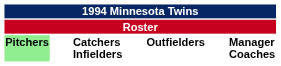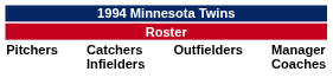 <table class="toccolours" style="font-size: 95%;">
 <tr>
 <th colspan="10" style="background-color: #072764; color: #FFFFFF; text-align: center;">1994 Minnesota Twins</th>
 </tr>
 <tr>
 <td colspan="10" style="background-color: #c6011f; color: white; text-align: center;"><strong>Roster</strong></td>
 </tr>
 <tr>
-<td valign="top" style="background: lightgreen;"><strong>Pitchers</strong><br>               </td>
+<td valign="top"><strong>Pitchers</strong><br>               </td>
 <td width="25px"></td>
 <td valign="top"><strong>Catchers</strong><br>  <strong>Infielders</strong>         </td>
 <td width="25px"></td>
 <td valign="top"><strong>Outfielders</strong><br>     </td>
 <td width="25px"></td>
 <td valign="top"><strong>Manager</strong><br> <strong>Coaches</strong>     </td>
 </tr>
 <tr>
 </tr>
 </table>
